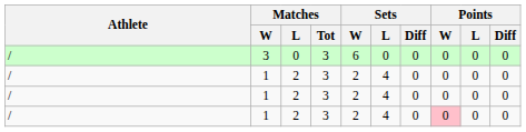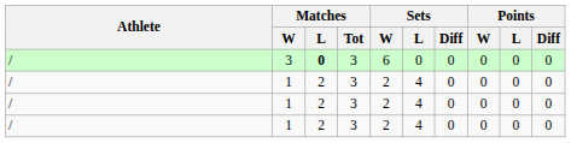 <table class=wikitable style="text-align:center">
 <tr>
 <th rowspan=2 width=300>Athlete</th>
 <th colspan=3 width=90>Matches</th>
 <th colspan=3 width=90>Sets</th>
 <th colspan=3 width=90>Points</th>
 </tr>
 <tr>
 <th width=30>W</th>
 <th width=30>L</th>
 <th width=30>Tot</th>
 <th width=30>W</th>
 <th width=30>L</th>
 <th width=30>Diff</th>
 <th width=30>W</th>
 <th width=30>L</th>
 <th width=30>Diff</th>
 </tr>
 <tr bgcolor=ccffcc>
 <td style="text-align:left">/</td>
 <td>3</td>
-<td>0</td>
+<td><strong>0</strong></td>
 <td>3</td>
 <td>6</td>
 <td>0</td>
 <td>0</td>
 <td>0</td>
 <td>0</td>
 <td>0</td>
 </tr>
 <tr>
 <td style="text-align:left">/</td>
 <td>1</td>
 <td>2</td>
 <td>3</td>
 <td>2</td>
 <td>4</td>
 <td>0</td>
 <td>0</td>
 <td>0</td>
 <td>0</td>
 </tr>
 <tr>
 <td style="text-align:left">/</td>
 <td>1</td>
 <td>2</td>
 <td>3</td>
 <td>2</td>
 <td>4</td>
 <td>0</td>
 <td>0</td>
 <td>0</td>
 <td>0</td>
 </tr>
 <tr>
 <td style="text-align:left">/</td>
 <td>1</td>
 <td>2</td>
 <td>3</td>
 <td>2</td>
 <td>4</td>
 <td>0</td>
-<td style="background: pink;">0</td>
+<td>0</td>
 <td>0</td>
 <td>0</td>
 </tr>
 </table>
